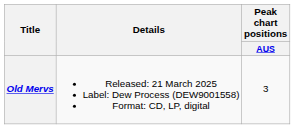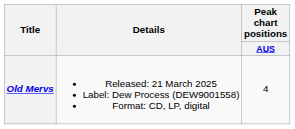 <table class="wikitable plainrowheaders" style="text-align:center;" border="1">
 <tr>
 <th scope="col" rowspan="2">Title</th>
 <th scope="col" rowspan="2">Details</th>
 <th scope="col" colspan="1">Peak chart positions</th>
 </tr>
 <tr>
 <th scope="col" style="width:3em; font-size:90%"><a href='#'>AUS</a><br></th>
 </tr>
 <tr>
 <th scope="row"><em><a href='#'>Old Mervs</a></em></th>
 <td><br><ul><li>Released: 21 March 2025</li><li>Label: Dew Process (DEW9001558)</li><li>Format: CD, LP, digital</li></ul></td>
-<td>3</td>
+<td>4</td>
 </tr>
 </table>
